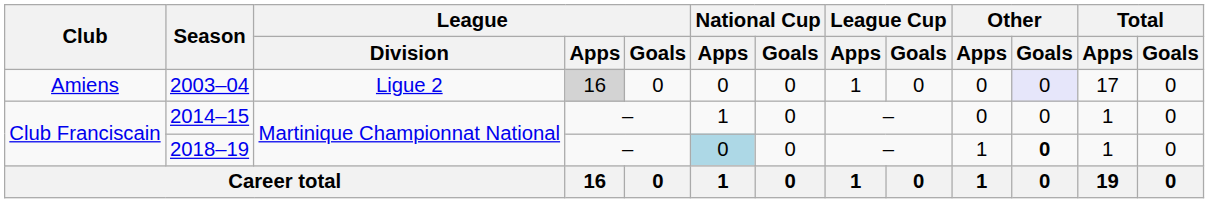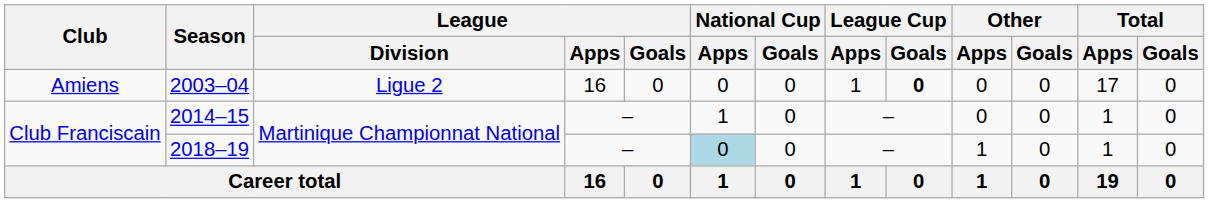 <table class="wikitable" style="text-align:center">
 <tr>
 <th rowspan="2">Club</th>
 <th rowspan="2">Season</th>
 <th colspan="3">League</th>
 <th colspan="2">National Cup</th>
 <th colspan="2">League Cup</th>
 <th colspan="2">Other</th>
 <th colspan="2">Total</th>
 </tr>
 <tr>
 <th>Division</th>
 <th>Apps</th>
 <th>Goals</th>
 <th>Apps</th>
 <th>Goals</th>
 <th>Apps</th>
 <th>Goals</th>
 <th>Apps</th>
 <th>Goals</th>
 <th>Apps</th>
 <th>Goals</th>
 </tr>
 <tr>
 <td><a href='#'>Amiens</a></td>
 <td><a href='#'>2003–04</a></td>
 <td><a href='#'>Ligue 2</a></td>
-<td style="background: lightgrey;">16</td>
+<td>16</td>
 <td>0</td>
 <td>0</td>
 <td>0</td>
 <td>1</td>
+<td><strong>0</strong></td>
 <td>0</td>
 <td>0</td>
-<td style="background: lavender;">0</td>
 <td>17</td>
 <td>0</td>
 </tr>
 <tr>
 <td rowspan="2"><a href='#'>Club Franciscain</a></td>
 <td><a href='#'>2014–15</a></td>
 <td rowspan="2"><a href='#'>Martinique Championnat National</a></td>
 <td colspan="2">–</td>
 <td>1</td>
 <td>0</td>
 <td colspan="2">–</td>
 <td>0</td>
 <td>0</td>
 <td>1</td>
 <td>0</td>
 </tr>
 <tr>
 <td><a href='#'>2018–19</a></td>
 <td colspan="2">–</td>
 <td style="background: lightblue;">0</td>
 <td>0</td>
 <td colspan="2">–</td>
 <td>1</td>
-<td><strong>0</strong></td>
+<td>0</td>
 <td>1</td>
 <td>0</td>
 </tr>
 <tr>
 <th colspan="3">Career total</th>
 <th>16</th>
 <th>0</th>
 <th>1</th>
 <th>0</th>
 <th>1</th>
 <th>0</th>
 <th>1</th>
 <th>0</th>
 <th>19</th>
 <th>0</th>
 </tr>
 </table>
